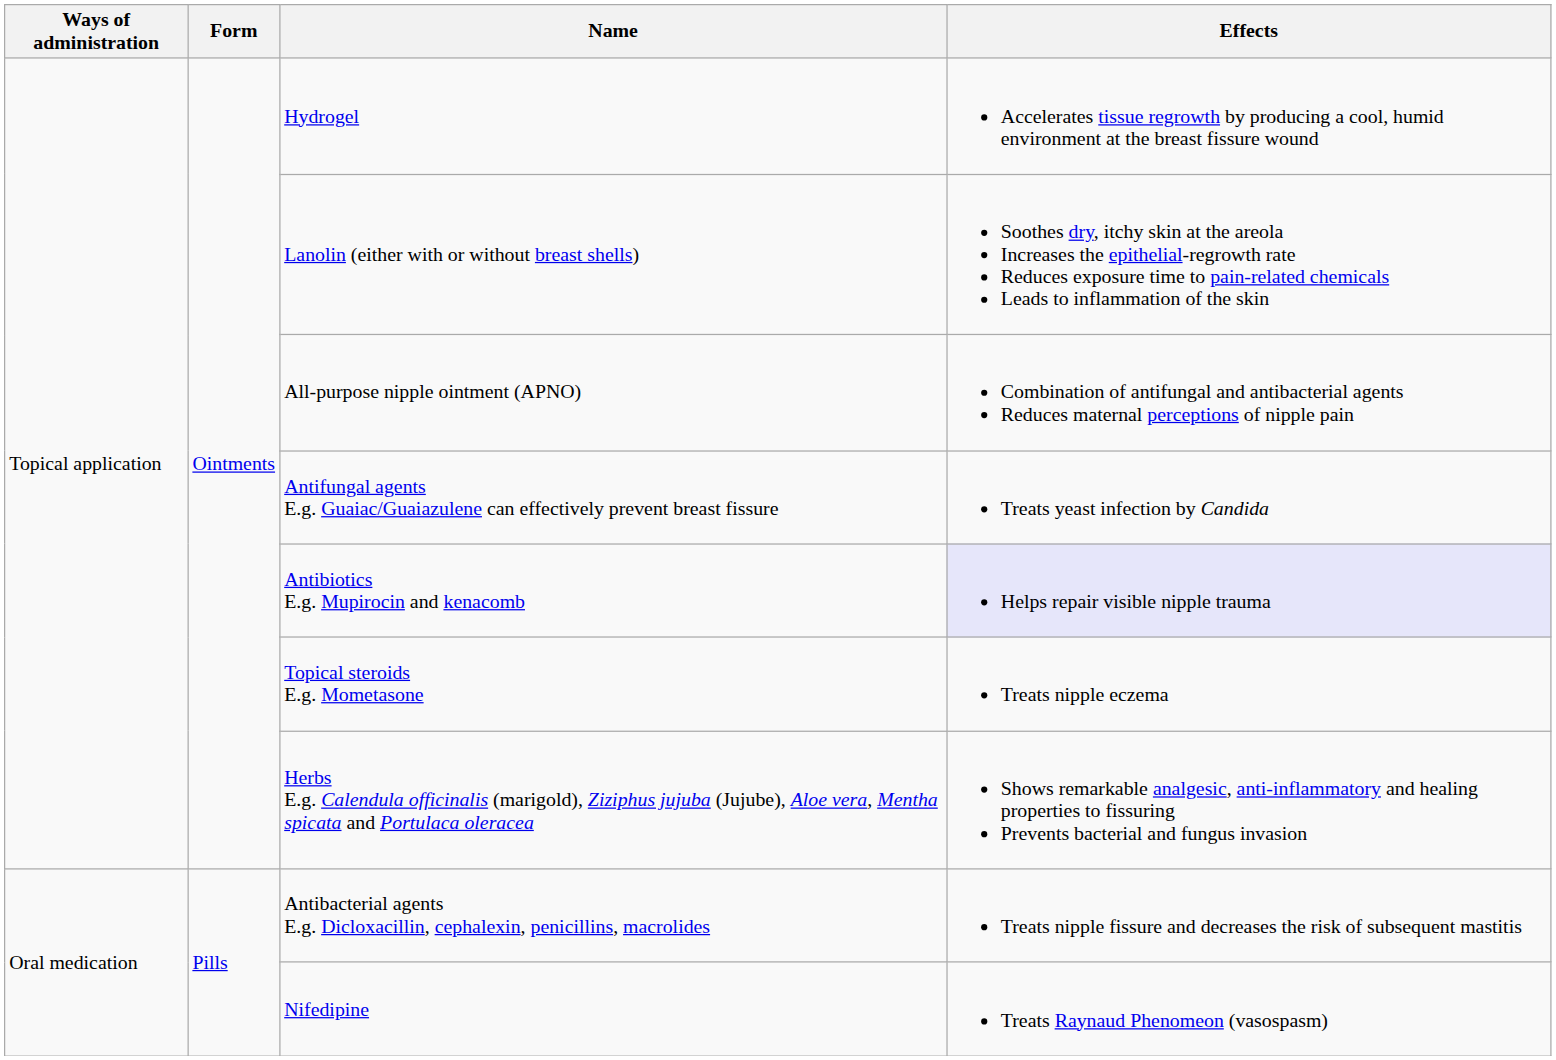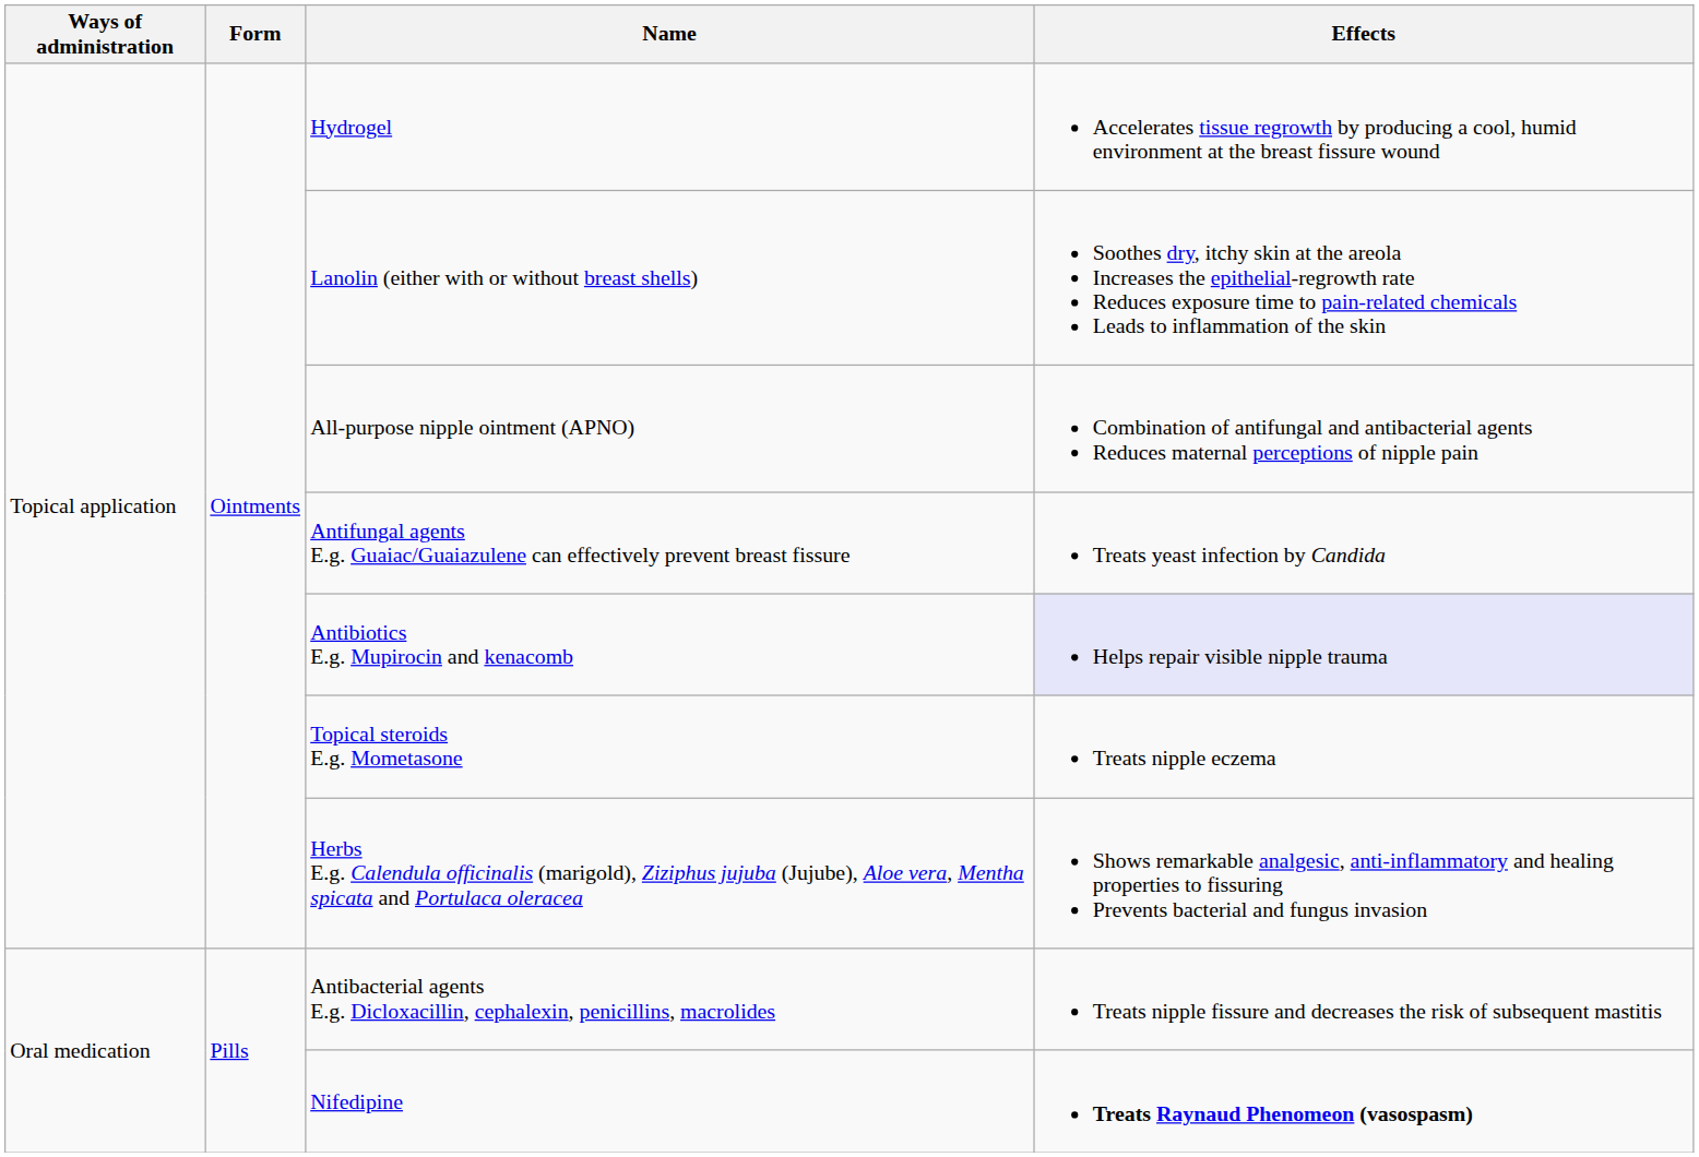 <table class="wikitable">
 <tr>
 <th>Ways of administration</th>
 <th>Form</th>
 <th>Name</th>
 <th>Effects</th>
 </tr>
 <tr>
 <td rowspan="7">Topical application</td>
 <td rowspan="7"><a href='#'>Ointments</a></td>
 <td><a href='#'>Hydrogel</a></td>
 <td><br><ul><li>Accelerates <a href='#'>tissue regrowth</a> by producing a cool, humid environment at the breast fissure wound</li></ul></td>
 </tr>
 <tr>
 <td><a href='#'>Lanolin</a> (either with or without <a href='#'>breast shells</a>)</td>
 <td><br><ul><li>Soothes <a href='#'>dry</a>, itchy skin at the areola</li><li>Increases the <a href='#'>epithelial</a>-regrowth rate</li><li>Reduces exposure time to <a href='#'>pain-related chemicals</a></li><li>Leads to inflammation of the skin</li></ul></td>
 </tr>
 <tr>
 <td>All-purpose nipple ointment (APNO)</td>
 <td><br><ul><li>Combination of antifungal and antibacterial agents</li><li>Reduces maternal <a href='#'>perceptions</a> of nipple pain</li></ul></td>
 </tr>
 <tr>
 <td><a href='#'>Antifungal agents</a><br>E.g. <a href='#'>Guaiac/Guaiazulene</a> can effectively prevent breast fissure</td>
 <td><br><ul><li>Treats yeast infection by <em>Candida</em></li></ul></td>
 </tr>
 <tr>
 <td><a href='#'>Antibiotics</a><br>E.g. <a href='#'>Mupirocin</a> and <a href='#'>kenacomb</a></td>
 <td style="background: lavender;"><br><ul><li>Helps repair visible nipple trauma</li></ul></td>
 </tr>
 <tr>
 <td><a href='#'>Topical steroids</a><br>E.g. <a href='#'>Mometasone</a></td>
 <td><br><ul><li>Treats nipple eczema</li></ul></td>
 </tr>
 <tr>
 <td><a href='#'>Herbs</a><br>E.g. <em><a href='#'>Calendula officinalis</a></em> (marigold), <em><a href='#'>Ziziphus jujuba</a></em> (Jujube), <em><a href='#'>Aloe vera</a></em>, <em><a href='#'>Mentha spicata</a></em> and <em><a href='#'>Portulaca oleracea</a></em></td>
 <td><br><ul><li>Shows remarkable <a href='#'>analgesic</a>, <a href='#'>anti-inflammatory</a> and healing properties to fissuring</li><li>Prevents bacterial and fungus invasion</li></ul></td>
 </tr>
 <tr>
 <td rowspan="2">Oral medication</td>
 <td rowspan="2"><a href='#'>Pills</a></td>
 <td>Antibacterial agents<br>E.g. <a href='#'>Dicloxacillin</a>, <a href='#'>cephalexin</a>, <a href='#'>penicillins</a>, <a href='#'>macrolides</a></td>
 <td><br><ul><li>Treats nipple fissure and decreases the risk of subsequent mastitis</li></ul></td>
 </tr>
 <tr>
 <td><a href='#'>Nifedipine</a></td>
-<td><br><ul><li>Treats <a href='#'>Raynaud Phenomeon</a> (vasospasm)</li></ul></td>
+<td><strong><br><ul><li>Treats <a href='#'>Raynaud Phenomeon</a> (vasospasm)</li></ul></strong></td>
 </tr>
 </table>
